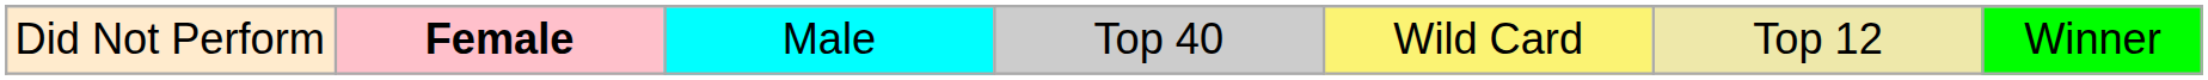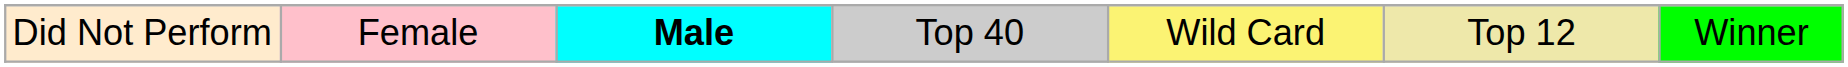 <table class="wikitable" style="margin:1em auto; text-align:center;">
 <tr>
 </tr>
 <tr>
 <td style="background:#FFEBCD;" width="15%">Did Not Perform</td>
-<td style="background:pink;" width="15%"><strong>Female</strong></td>
-<td style="background:cyan;" width="15%">Male</td>
+<td style="background:pink;" width="15%">Female</td>
+<td style="background:cyan;" width="15%"><strong>Male</strong></td>
 <td style="background:#CCCCCC;" width="15%">Top 40</td>
 <td style="background:#fbf373; width:15%;">Wild Card</td>
 <td style="background:palegoldenrod;" width="15%">Top 12</td>
 <td style="background:lime;" width="15%">Winner</td>
 </tr>
 </table>
